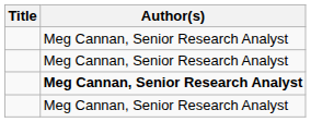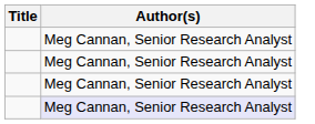 <table class="wikitable sortable">
 <tr>
 <th>Title</th>
 <th>Author(s)</th>
 </tr>
 <tr>
 <td><em></em></td>
 <td>Meg Cannan, Senior Research Analyst</td>
 </tr>
 <tr>
 <td><em></em></td>
 <td>Meg Cannan, Senior Research Analyst</td>
 </tr>
 <tr>
 <td><em></em></td>
-<td><strong>Meg Cannan, Senior Research Analyst</strong></td>
+<td>Meg Cannan, Senior Research Analyst</td>
 </tr>
 <tr>
 <td><em></em></td>
-<td>Meg Cannan, Senior Research Analyst</td>
+<td style="background: lavender;">Meg Cannan, Senior Research Analyst</td>
 </tr>
 </table>
